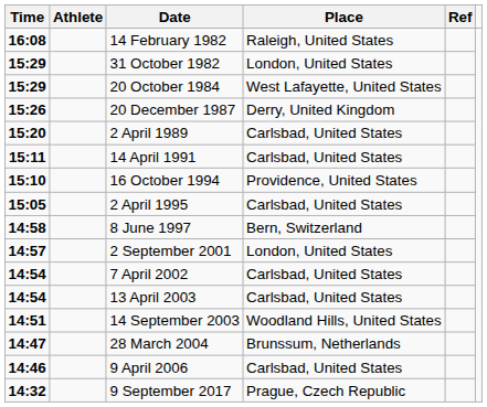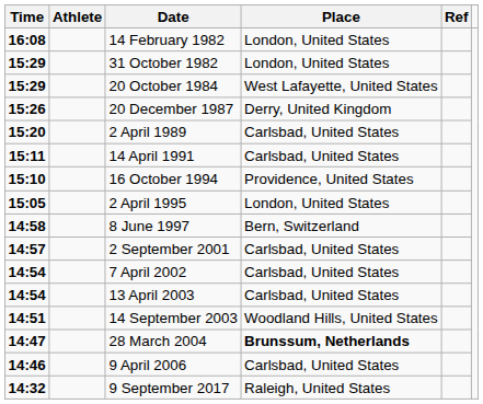 <table class="wikitable" style="font-size:95%">
 <tr>
 <th>Time</th>
 <th>Athlete</th>
 <th>Date</th>
 <th>Place</th>
 <th>Ref</th>
 <td></td>
 </tr>
 <tr>
 <td align=center><strong>16:08</strong></td>
 <td></td>
 <td>14 February 1982</td>
-<td>Raleigh, United States</td>
+<td>London, United States</td>
 <td></td>
 </tr>
 <tr>
 <td align=center><strong>15:29</strong></td>
 <td></td>
 <td>31 October 1982</td>
 <td>London, United States</td>
 <td></td>
 </tr>
 <tr>
 <td align=center><strong>15:29</strong></td>
 <td></td>
 <td>20 October 1984</td>
 <td>West Lafayette, United States</td>
 <td></td>
 </tr>
 <tr>
 <td align=center><strong>15:26</strong></td>
 <td></td>
 <td>20 December 1987</td>
 <td>Derry, United Kingdom</td>
 <td></td>
 </tr>
 <tr>
 <td align=center><strong>15:20</strong></td>
 <td></td>
 <td>2 April 1989</td>
 <td>Carlsbad, United States</td>
 <td></td>
 </tr>
 <tr>
 <td align=center><strong>15:11</strong></td>
 <td></td>
 <td>14 April 1991</td>
 <td>Carlsbad, United States</td>
 <td></td>
 </tr>
 <tr>
 <td align=center><strong>15:10</strong></td>
 <td></td>
 <td>16 October 1994</td>
 <td>Providence, United States</td>
 <td></td>
 </tr>
 <tr>
 <td align=center><strong>15:05</strong></td>
 <td></td>
 <td>2 April 1995</td>
-<td>Carlsbad, United States</td>
+<td>London, United States</td>
 <td></td>
 </tr>
 <tr>
 <td align=center><strong>14:58</strong></td>
 <td></td>
 <td>8 June 1997</td>
 <td>Bern, Switzerland</td>
 <td></td>
 </tr>
 <tr>
 <td align=center><strong>14:57</strong></td>
 <td></td>
 <td>2 September 2001</td>
-<td>London, United States</td>
+<td>Carlsbad, United States</td>
 <td></td>
 </tr>
 <tr>
 <td align=center><strong>14:54</strong></td>
 <td></td>
 <td>7 April 2002</td>
 <td>Carlsbad, United States</td>
 <td></td>
 </tr>
 <tr>
 <td align=center><strong>14:54</strong></td>
 <td></td>
 <td>13 April 2003</td>
 <td>Carlsbad, United States</td>
 <td></td>
 </tr>
 <tr>
 <td align=center><strong>14:51</strong></td>
 <td></td>
 <td>14 September 2003</td>
 <td>Woodland Hills, United States</td>
 <td></td>
 </tr>
 <tr>
 <td align=center><strong>14:47</strong></td>
 <td></td>
 <td>28 March 2004</td>
-<td>Brunssum, Netherlands</td>
+<td><strong>Brunssum, Netherlands</strong></td>
 <td></td>
 </tr>
 <tr>
 <td align=center><strong>14:46</strong></td>
 <td></td>
 <td>9 April 2006</td>
 <td>Carlsbad, United States</td>
 <td></td>
 </tr>
 <tr>
 <td align=center><strong>14:32</strong></td>
 <td></td>
 <td>9 September 2017</td>
-<td>Prague, Czech Republic</td>
+<td>Raleigh, United States</td>
 <td></td>
 </tr>
 </table>
